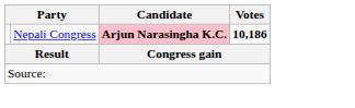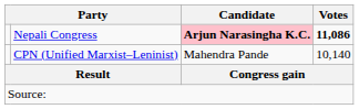 <table class="wikitable">
 <tr>
 <th colspan="2">Party</th>
 <th>Candidate</th>
 <th>Votes</th>
 </tr>
 <tr>
 <td style="background-color:"></td>
 <td><a href='#'>Nepali Congress</a></td>
 <td style="background: pink;"><strong>Arjun Narasingha K.C.</strong></td>
-<td><strong>10,186</strong></td>
+<td><strong>11,086</strong></td>
+</tr>
+<tr>
+<td style="background-color:"></td>
+<td><a href='#'>CPN (Unified Marxist–Leninist)</a></td>
+<td>Mahendra Pande</td>
+<td>10,140</td>
 </tr>
 <tr>
 <th colspan="2">Result</th>
 <th colspan="2">Congress gain</th>
 </tr>
 <tr>
 <td colspan="4">Source: </td>
 </tr>
 </table>
